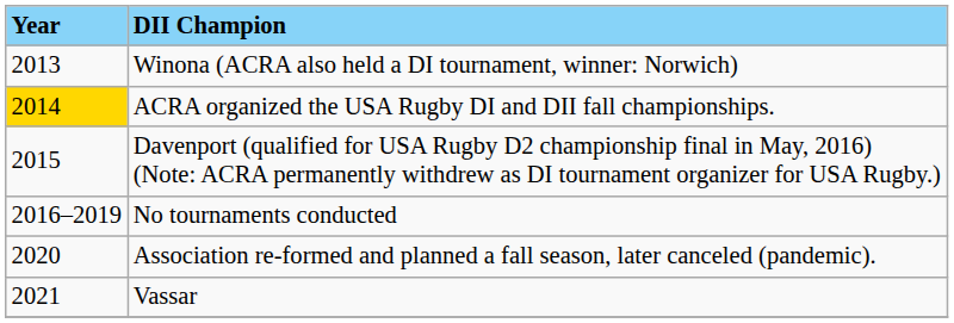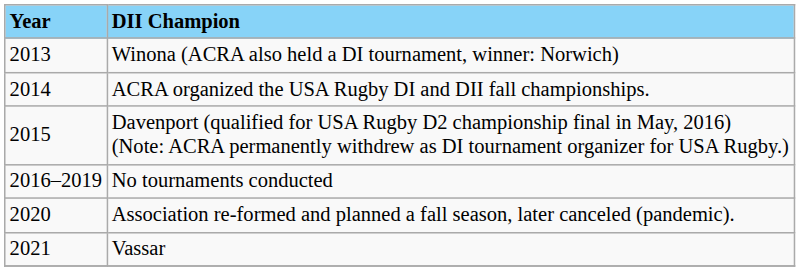 <table class="wikitable" style="font-size:85%;">
 <tr ! style="background-color: #87D3F8;">
 <td><strong>Year</strong></td>
 <td><strong>DII Champion</strong></td>
 </tr>
 <tr --->
 <td>2013</td>
 <td>Winona (ACRA also held a DI tournament, winner: Norwich)</td>
 </tr>
 <tr --->
-<td style="background: gold;">2014</td>
+<td>2014</td>
 <td>ACRA organized the USA Rugby DI and DII fall championships.</td>
 </tr>
 <tr --->
 <td>2015</td>
 <td>Davenport (qualified for USA Rugby D2 championship final in May, 2016)<br>(Note: ACRA permanently withdrew as DI tournament organizer for USA Rugby.)</td>
 </tr>
 <tr --->
 <td>2016–2019</td>
 <td>No tournaments conducted</td>
 </tr>
 <tr --->
 <td>2020</td>
 <td>Association re-formed and planned a fall season, later canceled (pandemic).</td>
 </tr>
 <tr --->
 <td>2021</td>
 <td>Vassar</td>
 </tr>
 <tr --->
 </tr>
 </table>
